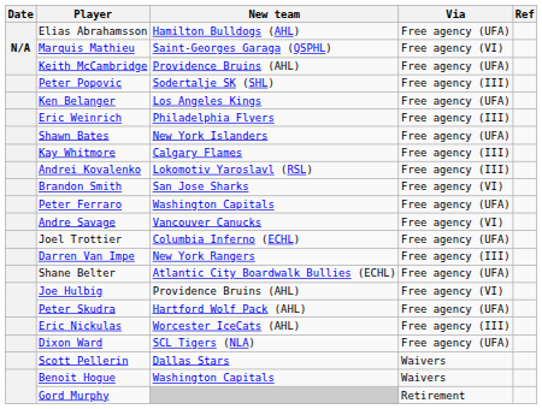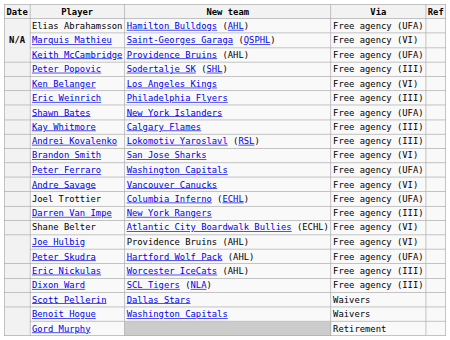 <table class="wikitable plainrowheaders">
 <tr style="background:#ddd; text-align:center;">
 <th>Date</th>
 <th>Player</th>
 <th>New team</th>
 <th>Via</th>
 <th>Ref</th>
 </tr>
 <tr>
 <th scope="row" rowspan=3>N/A</th>
 <td>Elias Abrahamsson</td>
 <td><a href='#'>Hamilton Bulldogs</a> (<a href='#'>AHL</a>)</td>
 <td>Free agency (UFA)</td>
 <td></td>
 </tr>
 <tr>
 <td><a href='#'>Marquis Mathieu</a></td>
 <td><a href='#'>Saint-Georges Garaga</a> (<a href='#'>QSPHL</a>)</td>
 <td>Free agency (VI)</td>
 <td></td>
 </tr>
 <tr>
 <td><a href='#'>Keith McCambridge</a></td>
 <td><a href='#'>Providence Bruins</a> (AHL)</td>
 <td>Free agency (UFA)</td>
 <td></td>
 </tr>
 <tr>
 <th scope="row"></th>
 <td><a href='#'>Peter Popovic</a></td>
 <td><a href='#'>Sodertalje SK</a> (<a href='#'>SHL</a>)</td>
 <td>Free agency (III)</td>
 <td></td>
 </tr>
 <tr>
 <th scope="row"></th>
 <td><a href='#'>Ken Belanger</a></td>
 <td><a href='#'>Los Angeles Kings</a></td>
-<td>Free agency (UFA)</td>
+<td>Free agency (VI)</td>
 <td></td>
 </tr>
 <tr>
 <th scope="row"></th>
 <td><a href='#'>Eric Weinrich</a></td>
 <td><a href='#'>Philadelphia Flyers</a></td>
 <td>Free agency (III)</td>
 <td></td>
 </tr>
 <tr>
 <th scope="row"></th>
 <td><a href='#'>Shawn Bates</a></td>
 <td><a href='#'>New York Islanders</a></td>
 <td>Free agency (UFA)</td>
 <td></td>
 </tr>
 <tr>
 <th scope="row"></th>
 <td><a href='#'>Kay Whitmore</a></td>
 <td><a href='#'>Calgary Flames</a></td>
 <td>Free agency (III)</td>
 <td></td>
 </tr>
 <tr>
 <th scope="row"></th>
 <td><a href='#'>Andrei Kovalenko</a></td>
 <td><a href='#'>Lokomotiv Yaroslavl</a> (<a href='#'>RSL</a>)</td>
 <td>Free agency (III)</td>
 <td></td>
 </tr>
 <tr>
 <th scope="row"></th>
 <td><a href='#'>Brandon Smith</a></td>
 <td><a href='#'>San Jose Sharks</a></td>
 <td>Free agency (VI)</td>
 <td></td>
 </tr>
 <tr>
 <th scope="row"></th>
 <td><a href='#'>Peter Ferraro</a></td>
 <td><a href='#'>Washington Capitals</a></td>
 <td>Free agency (UFA)</td>
 <td></td>
 </tr>
 <tr>
 <th scope="row"></th>
 <td><a href='#'>Andre Savage</a></td>
 <td><a href='#'>Vancouver Canucks</a></td>
 <td>Free agency (VI)</td>
 <td></td>
 </tr>
 <tr>
 <th scope="row"></th>
 <td>Joel Trottier</td>
 <td><a href='#'>Columbia Inferno</a> (<a href='#'>ECHL</a>)</td>
 <td>Free agency (UFA)</td>
 <td></td>
 </tr>
 <tr>
 <th scope="row"></th>
 <td><a href='#'>Darren Van Impe</a></td>
 <td><a href='#'>New York Rangers</a></td>
 <td>Free agency (III)</td>
 <td></td>
 </tr>
 <tr>
 <th scope="row"></th>
 <td>Shane Belter</td>
 <td><a href='#'>Atlantic City Boardwalk Bullies</a> (ECHL)</td>
-<td>Free agency (UFA)</td>
+<td>Free agency (VI)</td>
 <td></td>
 </tr>
 <tr>
 <th scope="row" rowspan=2></th>
 <td><a href='#'>Joe Hulbig</a></td>
 <td>Providence Bruins (AHL)</td>
 <td>Free agency (VI)</td>
 <td></td>
 </tr>
 <tr>
 <td><a href='#'>Peter Skudra</a></td>
 <td><a href='#'>Hartford Wolf Pack</a> (AHL)</td>
 <td>Free agency (UFA)</td>
 <td></td>
 </tr>
 <tr>
 <th scope="row"></th>
 <td><a href='#'>Eric Nickulas</a></td>
 <td><a href='#'>Worcester IceCats</a> (AHL)</td>
 <td>Free agency (III)</td>
 <td></td>
 </tr>
 <tr>
 <th scope="row"></th>
 <td><a href='#'>Dixon Ward</a></td>
 <td><a href='#'>SCL Tigers</a> (<a href='#'>NLA</a>)</td>
-<td>Free agency (UFA)</td>
+<td>Free agency (III)</td>
 <td></td>
 </tr>
 <tr>
 <th scope="row"></th>
 <td><a href='#'>Scott Pellerin</a></td>
 <td><a href='#'>Dallas Stars</a></td>
 <td>Waivers</td>
 <td></td>
 </tr>
 <tr>
 <th scope="row" rowspan=2></th>
 <td><a href='#'>Benoit Hogue</a></td>
 <td><a href='#'>Washington Capitals</a></td>
 <td>Waivers</td>
 <td></td>
 </tr>
 <tr>
 <td><a href='#'>Gord Murphy</a></td>
 <td style="background:#ccc"></td>
 <td>Retirement</td>
 <td></td>
 </tr>
 </table>
